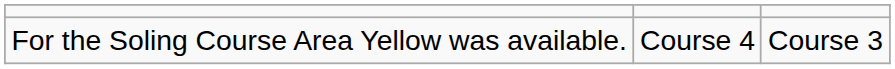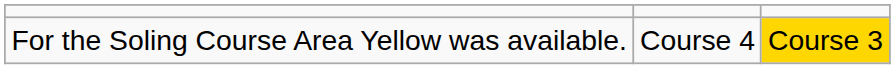 <table class="wikitable" style="text-align:center;">
 <tr>
 <td></td>
 <td></td>
 <td></td>
 </tr>
 <tr>
 <td>For the Soling Course Area Yellow was available.</td>
 <td>Course 4</td>
-<td>Course 3</td>
+<td style="background: gold;">Course 3</td>
 </tr>
 </table>
